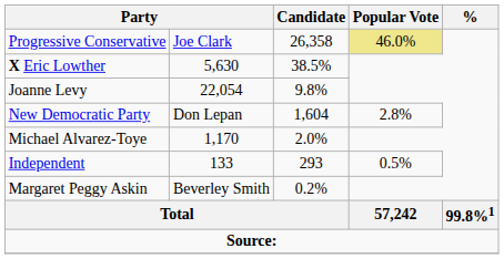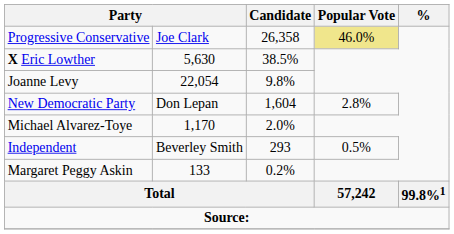 <table class="wikitable">
 <tr>
 <th colspan="2">Party</th>
 <th>Candidate</th>
 <th>Popular Vote</th>
 <th>%</th>
 </tr>
 <tr>
 <td><a href='#'>Progressive Conservative</a></td>
 <td> <a href='#'>Joe Clark</a></td>
 <td align=center>26,358</td>
 <td align=center style="background: khaki;">46.0%</td>
 </tr>
 <tr>
 <td><strong>X</strong> <a href='#'>Eric Lowther</a></td>
 <td align=center>5,630</td>
 <td align=center>38.5%</td>
 </tr>
 <tr>
 <td>Joanne Levy</td>
 <td align=center>22,054</td>
 <td align=center>9.8%</td>
 </tr>
 <tr>
 <td><a href='#'>New Democratic Party</a></td>
 <td>Don Lepan</td>
 <td align=center>1,604</td>
 <td align=center>2.8%</td>
 </tr>
 <tr>
 <td>Michael Alvarez-Toye</td>
 <td align=center>1,170</td>
 <td align=center>2.0%</td>
 </tr>
 <tr>
 <td><a href='#'>Independent</a></td>
-<td align=center>133</td>
+<td>Beverley Smith</td>
 <td align=center>293</td>
 <td align=center>0.5%</td>
 </tr>
 <tr>
 <td>Margaret Peggy Askin</td>
-<td>Beverley Smith</td>
+<td align=center>133</td>
 <td align=center>0.2%</td>
 </tr>
 <tr>
 <th colspan=3>Total</th>
 <th>57,242</th>
 <th>99.8%<sup>1</sup></th>
 </tr>
 <tr>
 <td align="center" colspan=5><strong>Source:</strong> </td>
 </tr>
 <tr>
 </tr>
 </table>
